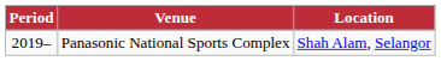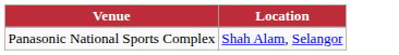 <table class="wikitable" style="text-align:center;">
 <tr>
-<th style="background:#bd2c38; color:white;">Period</th>
 <th style="background:#bd2c38; color:white;">Venue</th>
 <th style="background:#bd2c38; color:white;">Location</th>
 </tr>
 <tr>
-<td>2019–</td>
 <td>Panasonic National Sports Complex</td>
 <td><a href='#'>Shah Alam</a>, <a href='#'>Selangor</a></td>
 </tr>
 </table>
